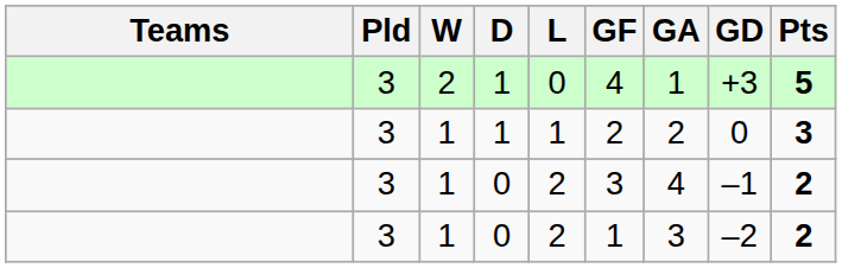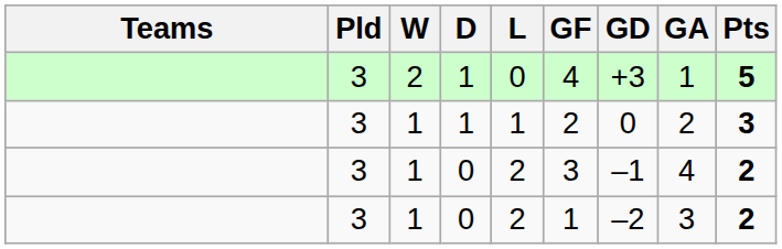 <table class="wikitable" style="text-align: center;">
 <tr>
 <th width=165>Teams</th>
 <th width=20>Pld</th>
 <th width=20>W</th>
 <th width=20>D</th>
 <th width=20>L</th>
 <th width=20>GF</th>
+<th width=20>GD</th>
 <th width=20>GA</th>
-<th width=20>GD</th>
 <th width=20>Pts</th>
 </tr>
 <tr align=center style="background:#ccffcc;">
 <td style="text-align:left;"></td>
 <td>3</td>
 <td>2</td>
 <td>1</td>
 <td>0</td>
 <td>4</td>
+<td>+3</td>
 <td>1</td>
-<td>+3</td>
 <td><strong>5</strong></td>
 </tr>
 <tr align=center>
 <td style="text-align:left;"></td>
 <td>3</td>
 <td>1</td>
 <td>1</td>
 <td>1</td>
 <td>2</td>
+<td>0</td>
 <td>2</td>
-<td>0</td>
 <td><strong>3</strong></td>
 </tr>
 <tr align=center>
 <td style="text-align:left;"></td>
 <td>3</td>
 <td>1</td>
 <td>0</td>
 <td>2</td>
 <td>3</td>
+<td>–1</td>
 <td>4</td>
-<td>–1</td>
 <td><strong>2</strong></td>
 </tr>
 <tr align=center>
 <td style="text-align:left;"></td>
 <td>3</td>
 <td>1</td>
 <td>0</td>
 <td>2</td>
 <td>1</td>
+<td>–2</td>
 <td>3</td>
-<td>–2</td>
 <td><strong>2</strong></td>
 </tr>
 </table>
